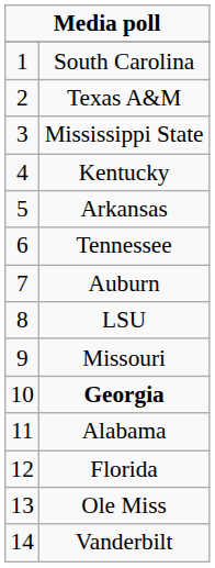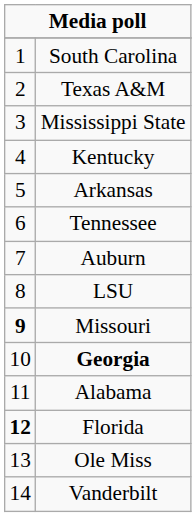 <table class="wikitable">
 <tr align="center">
 <td align="center" Colspan="3"><strong>Media poll</strong></td>
 </tr>
 <tr align="center">
 </tr>
 <tr align="center">
 <td>1</td>
 <td>South Carolina</td>
 </tr>
 <tr align="center">
 <td>2</td>
 <td>Texas A&M</td>
 </tr>
 <tr align="center">
 <td>3</td>
 <td>Mississippi State</td>
 </tr>
 <tr align="center">
 <td>4</td>
 <td>Kentucky</td>
 </tr>
 <tr align="center">
 <td>5</td>
 <td>Arkansas</td>
 </tr>
 <tr align="center">
 <td>6</td>
 <td>Tennessee</td>
 </tr>
 <tr align="center">
 <td>7</td>
 <td>Auburn</td>
 </tr>
 <tr align="center">
 <td>8</td>
 <td>LSU</td>
 </tr>
 <tr align="center">
-<td>9</td>
+<td><strong>9</strong></td>
 <td>Missouri</td>
 </tr>
 <tr align="center">
 <td>10</td>
 <td><strong>Georgia</strong></td>
 </tr>
 <tr align="center">
 <td>11</td>
 <td>Alabama</td>
 </tr>
 <tr align="center">
-<td>12</td>
+<td><strong>12</strong></td>
 <td>Florida</td>
 </tr>
 <tr align="center">
 <td>13</td>
 <td>Ole Miss</td>
 </tr>
 <tr align="center">
 <td>14</td>
 <td>Vanderbilt</td>
 </tr>
 </table>
